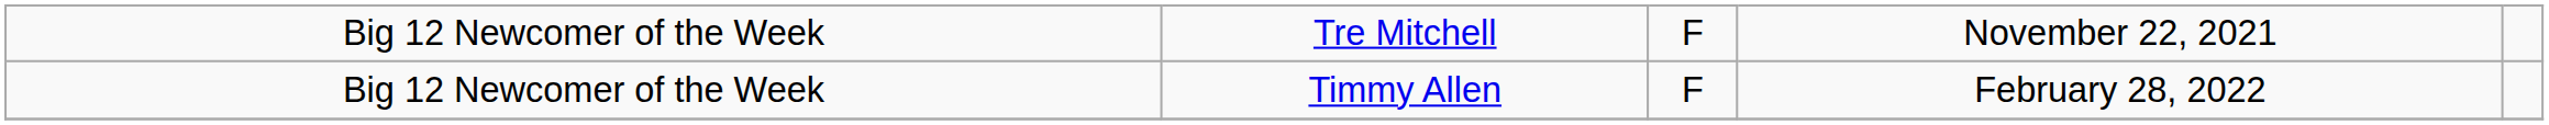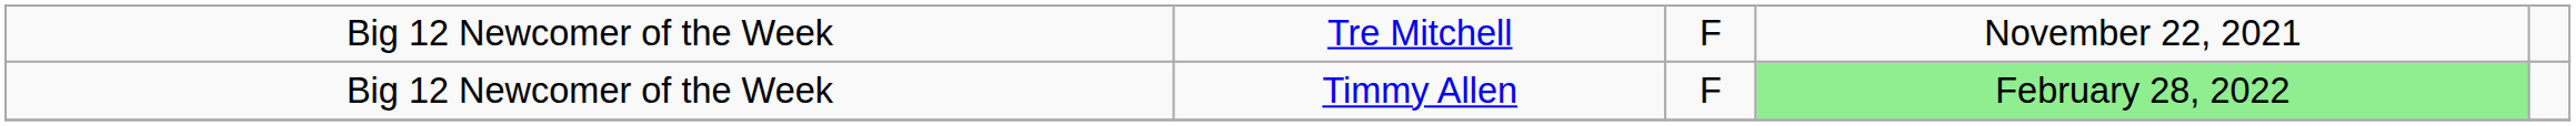 <table class="wikitable" style="width: 90%;text-align: center;">
 <tr align="center">
 <td rowspan="1">Big 12 Newcomer of the Week</td>
 <td><a href='#'>Tre Mitchell</a></td>
 <td>F</td>
 <td>November 22, 2021</td>
 <td></td>
 </tr>
 <tr>
 <td rowspan="1">Big 12 Newcomer of the Week</td>
 <td><a href='#'>Timmy Allen</a></td>
 <td>F</td>
-<td>February 28, 2022</td>
+<td style="background: lightgreen;">February 28, 2022</td>
 <td></td>
 </tr>
 <tr>
 </tr>
 </table>
